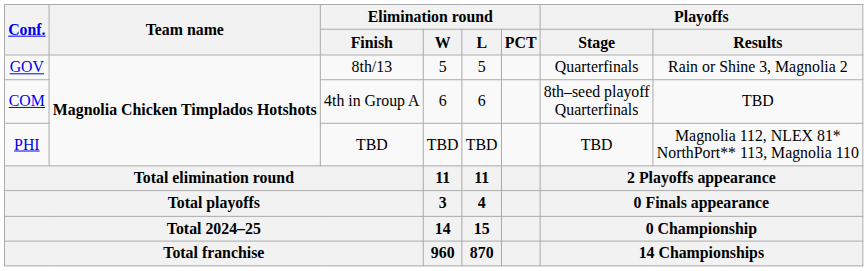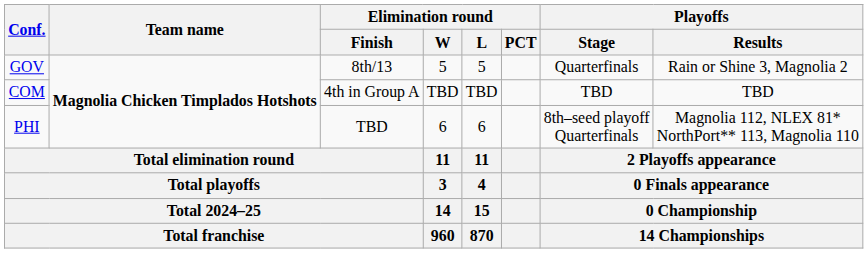 <table class=wikitable style="text-align:center;">
 <tr>
 <th rowspan=2><a href='#'>Conf.</a></th>
 <th rowspan=2>Team name</th>
 <th colspan=4>Elimination round</th>
 <th colspan=2>Playoffs</th>
 </tr>
 <tr>
 <th>Finish</th>
 <th>W</th>
 <th>L</th>
 <th>PCT</th>
 <th>Stage</th>
 <th>Results</th>
 </tr>
 <tr>
 <td><a href='#'>GOV</a></td>
 <td rowspan=3><strong>Magnolia Chicken Timplados Hotshots</strong></td>
 <td>8th/13</td>
 <td>5</td>
 <td>5</td>
 <td></td>
 <td>Quarterfinals</td>
 <td>Rain or Shine 3, Magnolia 2</td>
 </tr>
 <tr>
 <td><a href='#'>COM</a></td>
 <td>4th in Group A</td>
-<td>6</td>
-<td>6</td>
+<td>TBD</td>
+<td>TBD</td>
 <td></td>
-<td>8th–seed playoff<br>Quarterfinals</td>
+<td>TBD</td>
 <td>TBD</td>
 </tr>
 <tr>
 <td><a href='#'>PHI</a></td>
 <td>TBD</td>
-<td>TBD</td>
-<td>TBD</td>
+<td>6</td>
+<td>6</td>
 <td></td>
-<td>TBD</td>
+<td>8th–seed playoff<br>Quarterfinals</td>
 <td>Magnolia 112, NLEX 81*<br>NorthPort** 113, Magnolia 110</td>
 </tr>
 <tr>
 <th colspan=3>Total elimination round</th>
 <th>11</th>
 <th>11</th>
 <th></th>
 <th colspan=2>2 Playoffs appearance</th>
 </tr>
 <tr>
 <th colspan=3>Total playoffs</th>
 <th>3</th>
 <th>4</th>
 <th></th>
 <th colspan=2>0 Finals appearance</th>
 </tr>
 <tr>
 <th colspan=3>Total 2024–25</th>
 <th>14</th>
 <th>15</th>
 <th></th>
 <th colspan=2>0 Championship</th>
 </tr>
 <tr>
 <th colspan=3>Total franchise</th>
 <th>960</th>
 <th>870</th>
 <th></th>
 <th colspan=2>14 Championships</th>
 </tr>
 </table>
